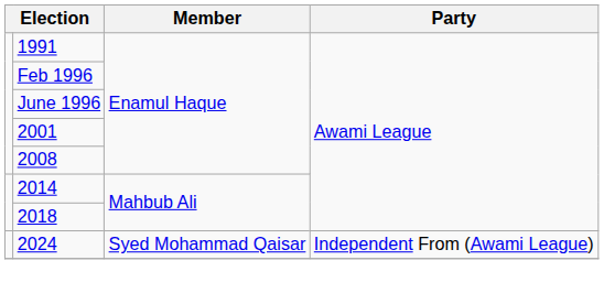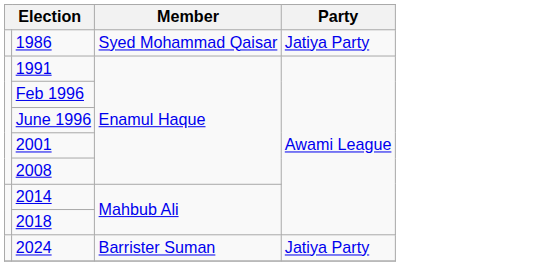 <table class="wikitable">
 <tr>
 <th colspan="2">Election</th>
 <th>Member</th>
 <th>Party</th>
+</tr>
+<tr>
+<td style="background-color:"></td>
+<td><a href='#'>1986</a></td>
+<td><a href='#'>Syed Mohammad Qaisar</a></td>
+<td><a href='#'>Jatiya Party</a></td>
 </tr>
 <tr>
 <td rowspan="5" style="background-color:"></td>
 <td><a href='#'>1991</a></td>
 <td rowspan="5"><a href='#'>Enamul Haque</a></td>
 <td rowspan="7"><a href='#'>Awami League</a></td>
 </tr>
 <tr>
 <td><a href='#'>Feb 1996</a></td>
 </tr>
 <tr>
 <td><a href='#'>June 1996</a></td>
 </tr>
 <tr>
 <td><a href='#'>2001</a></td>
 </tr>
 <tr>
 <td><a href='#'>2008</a></td>
 </tr>
 <tr>
 <td rowspan="2" style="background-color:"></td>
 <td><a href='#'>2014</a></td>
 <td rowspan="2"><a href='#'>Mahbub Ali</a></td>
 </tr>
 <tr>
 <td><a href='#'>2018</a></td>
 </tr>
 <tr>
 <td style="background-color:"></td>
 <td><a href='#'>2024</a></td>
-<td><a href='#'>Syed Mohammad Qaisar</a></td>
-<td><a href='#'>Independent</a> From (<a href='#'>Awami League</a>)</td>
+<td><a href='#'> Barrister Suman</a></td>
+<td><a href='#'>Jatiya Party</a></td>
 </tr>
 <tr>
 </tr>
 </table>
